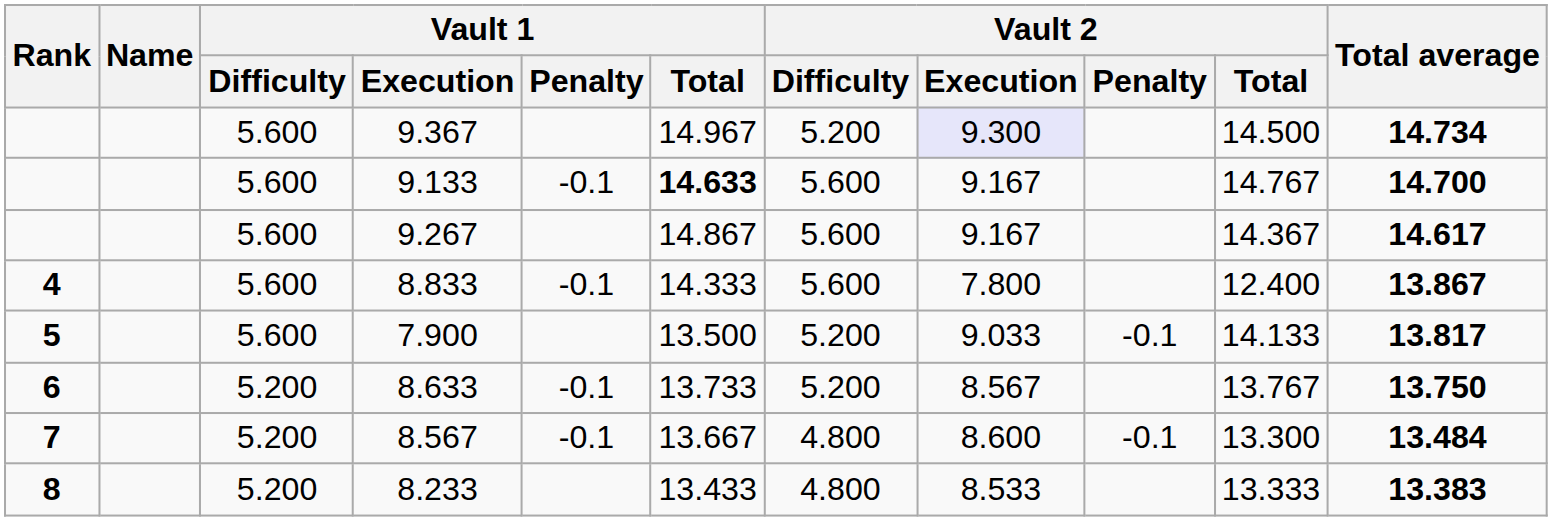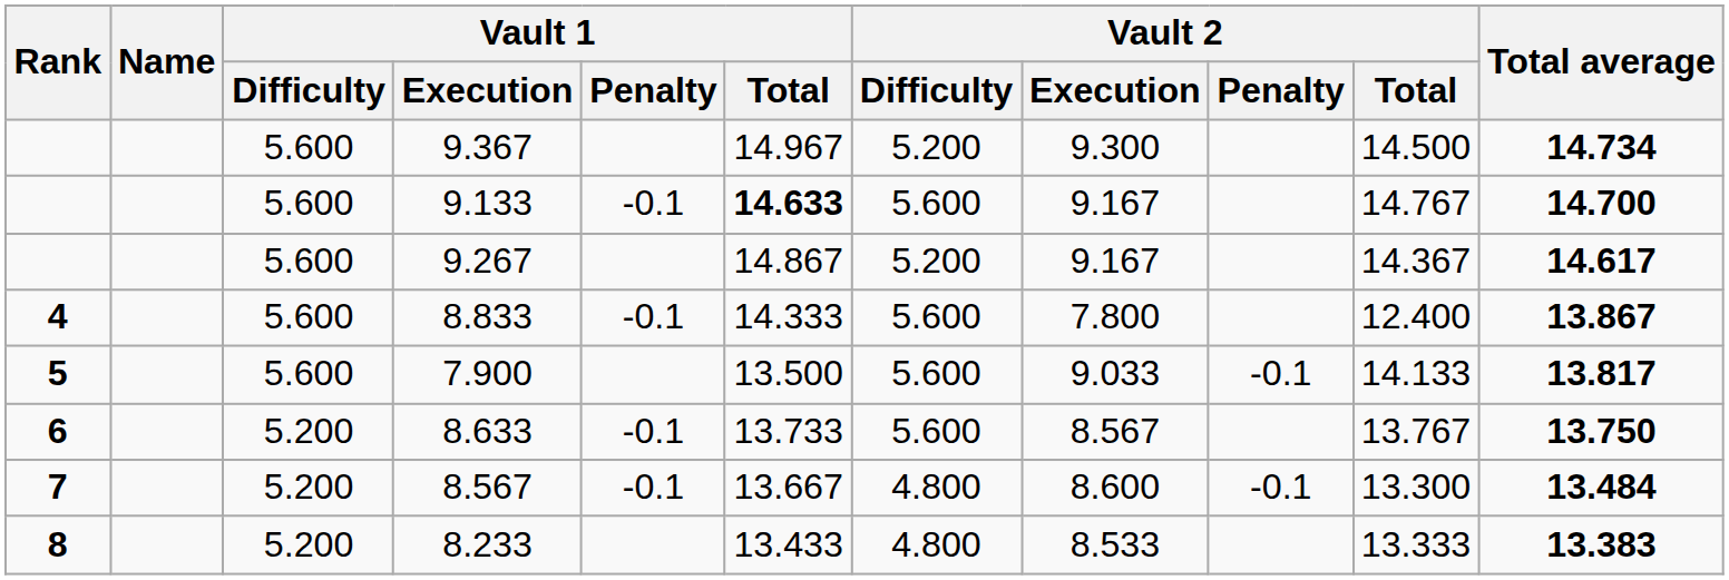 <table class="wikitable sortable" style="text-align:center">
 <tr>
 <th rowspan=2>Rank</th>
 <th rowspan=2>Name</th>
 <th colspan=4>Vault 1</th>
 <th colspan=4>Vault 2</th>
 <th rowspan=2>Total average</th>
 </tr>
 <tr>
 <th>Difficulty</th>
 <th>Execution</th>
 <th>Penalty</th>
 <th>Total</th>
 <th>Difficulty</th>
 <th>Execution</th>
 <th>Penalty</th>
 <th>Total</th>
 </tr>
 <tr>
 <td></td>
 <td align="left"></td>
 <td>5.600</td>
 <td>9.367</td>
 <td></td>
 <td>14.967</td>
 <td>5.200</td>
-<td style="background: lavender;">9.300</td>
+<td>9.300</td>
 <td></td>
 <td>14.500</td>
 <td><strong>14.734</strong></td>
 </tr>
 <tr>
 <td></td>
 <td align="left"></td>
 <td>5.600</td>
 <td>9.133</td>
 <td>-0.1</td>
 <td><strong>14.633</strong></td>
 <td>5.600</td>
 <td>9.167</td>
 <td></td>
 <td>14.767</td>
 <td><strong>14.700</strong></td>
 </tr>
 <tr>
 <td></td>
 <td align="left"></td>
 <td>5.600</td>
 <td>9.267</td>
 <td></td>
 <td>14.867</td>
-<td>5.600</td>
+<td>5.200</td>
 <td>9.167</td>
 <td></td>
 <td>14.367</td>
 <td><strong>14.617</strong></td>
 </tr>
 <tr>
 <td><strong>4</strong></td>
 <td align="left"></td>
 <td>5.600</td>
 <td>8.833</td>
 <td>-0.1</td>
 <td>14.333</td>
 <td>5.600</td>
 <td>7.800</td>
 <td></td>
 <td>12.400</td>
 <td><strong>13.867</strong></td>
 </tr>
 <tr>
 <td><strong>5</strong></td>
 <td align="left"></td>
 <td>5.600</td>
 <td>7.900</td>
 <td></td>
 <td>13.500</td>
-<td>5.200</td>
+<td>5.600</td>
 <td>9.033</td>
 <td>-0.1</td>
 <td>14.133</td>
 <td><strong>13.817</strong></td>
 </tr>
 <tr>
 <td><strong>6</strong></td>
 <td align="left"></td>
 <td>5.200</td>
 <td>8.633</td>
 <td>-0.1</td>
 <td>13.733</td>
-<td>5.200</td>
+<td>5.600</td>
 <td>8.567</td>
 <td></td>
 <td>13.767</td>
 <td><strong>13.750</strong></td>
 </tr>
 <tr>
 <td><strong>7</strong></td>
 <td align="left"></td>
 <td>5.200</td>
 <td>8.567</td>
 <td>-0.1</td>
 <td>13.667</td>
 <td>4.800</td>
 <td>8.600</td>
 <td>-0.1</td>
 <td>13.300</td>
 <td><strong>13.484</strong></td>
 </tr>
 <tr>
 <td><strong>8</strong></td>
 <td align="left"></td>
 <td>5.200</td>
 <td>8.233</td>
 <td></td>
 <td>13.433</td>
 <td>4.800</td>
 <td>8.533</td>
 <td></td>
 <td>13.333</td>
 <td><strong>13.383</strong></td>
 </tr>
 </table>
